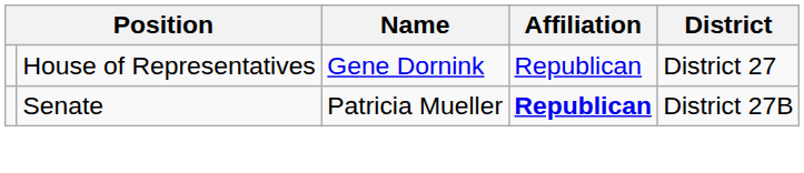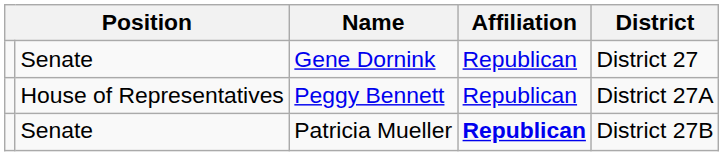 <table class="wikitable">
 <tr>
 <th colspan="2">Position</th>
 <th>Name</th>
 <th>Affiliation</th>
 <th>District</th>
 </tr>
 <tr>
 <td style="background-color:"></td>
-<td>House of Representatives</td>
+<td>Senate</td>
 <td><a href='#'>Gene Dornink</a></td>
 <td><a href='#'>Republican</a></td>
 <td>District 27</td>
+</tr>
+<tr>
+<td style="background-color:"></td>
+<td>House of Representatives</td>
+<td><a href='#'>Peggy Bennett</a></td>
+<td><a href='#'>Republican</a></td>
+<td>District 27A</td>
 </tr>
 <tr>
 <td style="background-color:"></td>
 <td>Senate</td>
 <td>Patricia Mueller</td>
 <td><strong><a href='#'>Republican</a></strong></td>
 <td>District 27B</td>
 </tr>
 </table>
